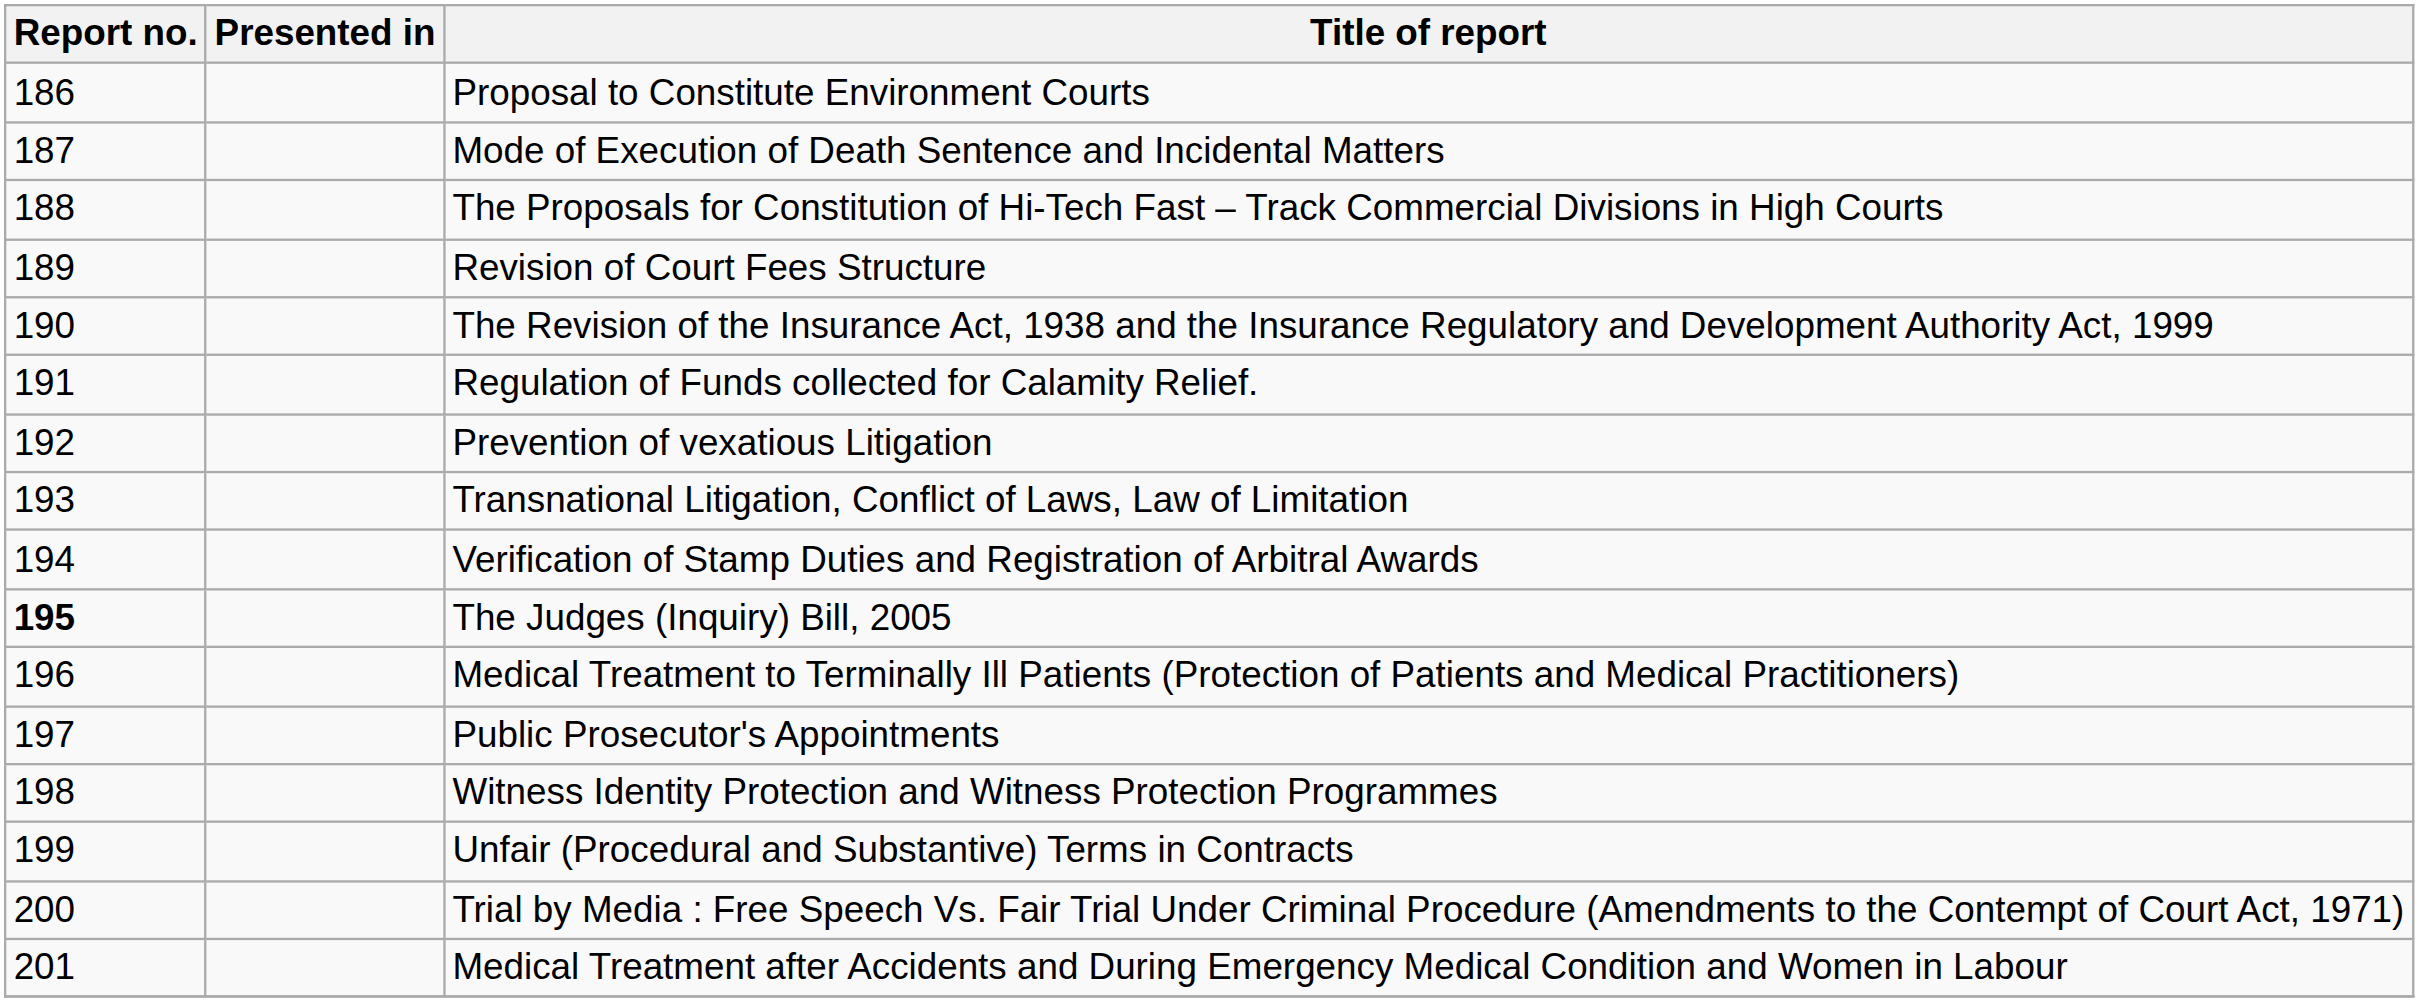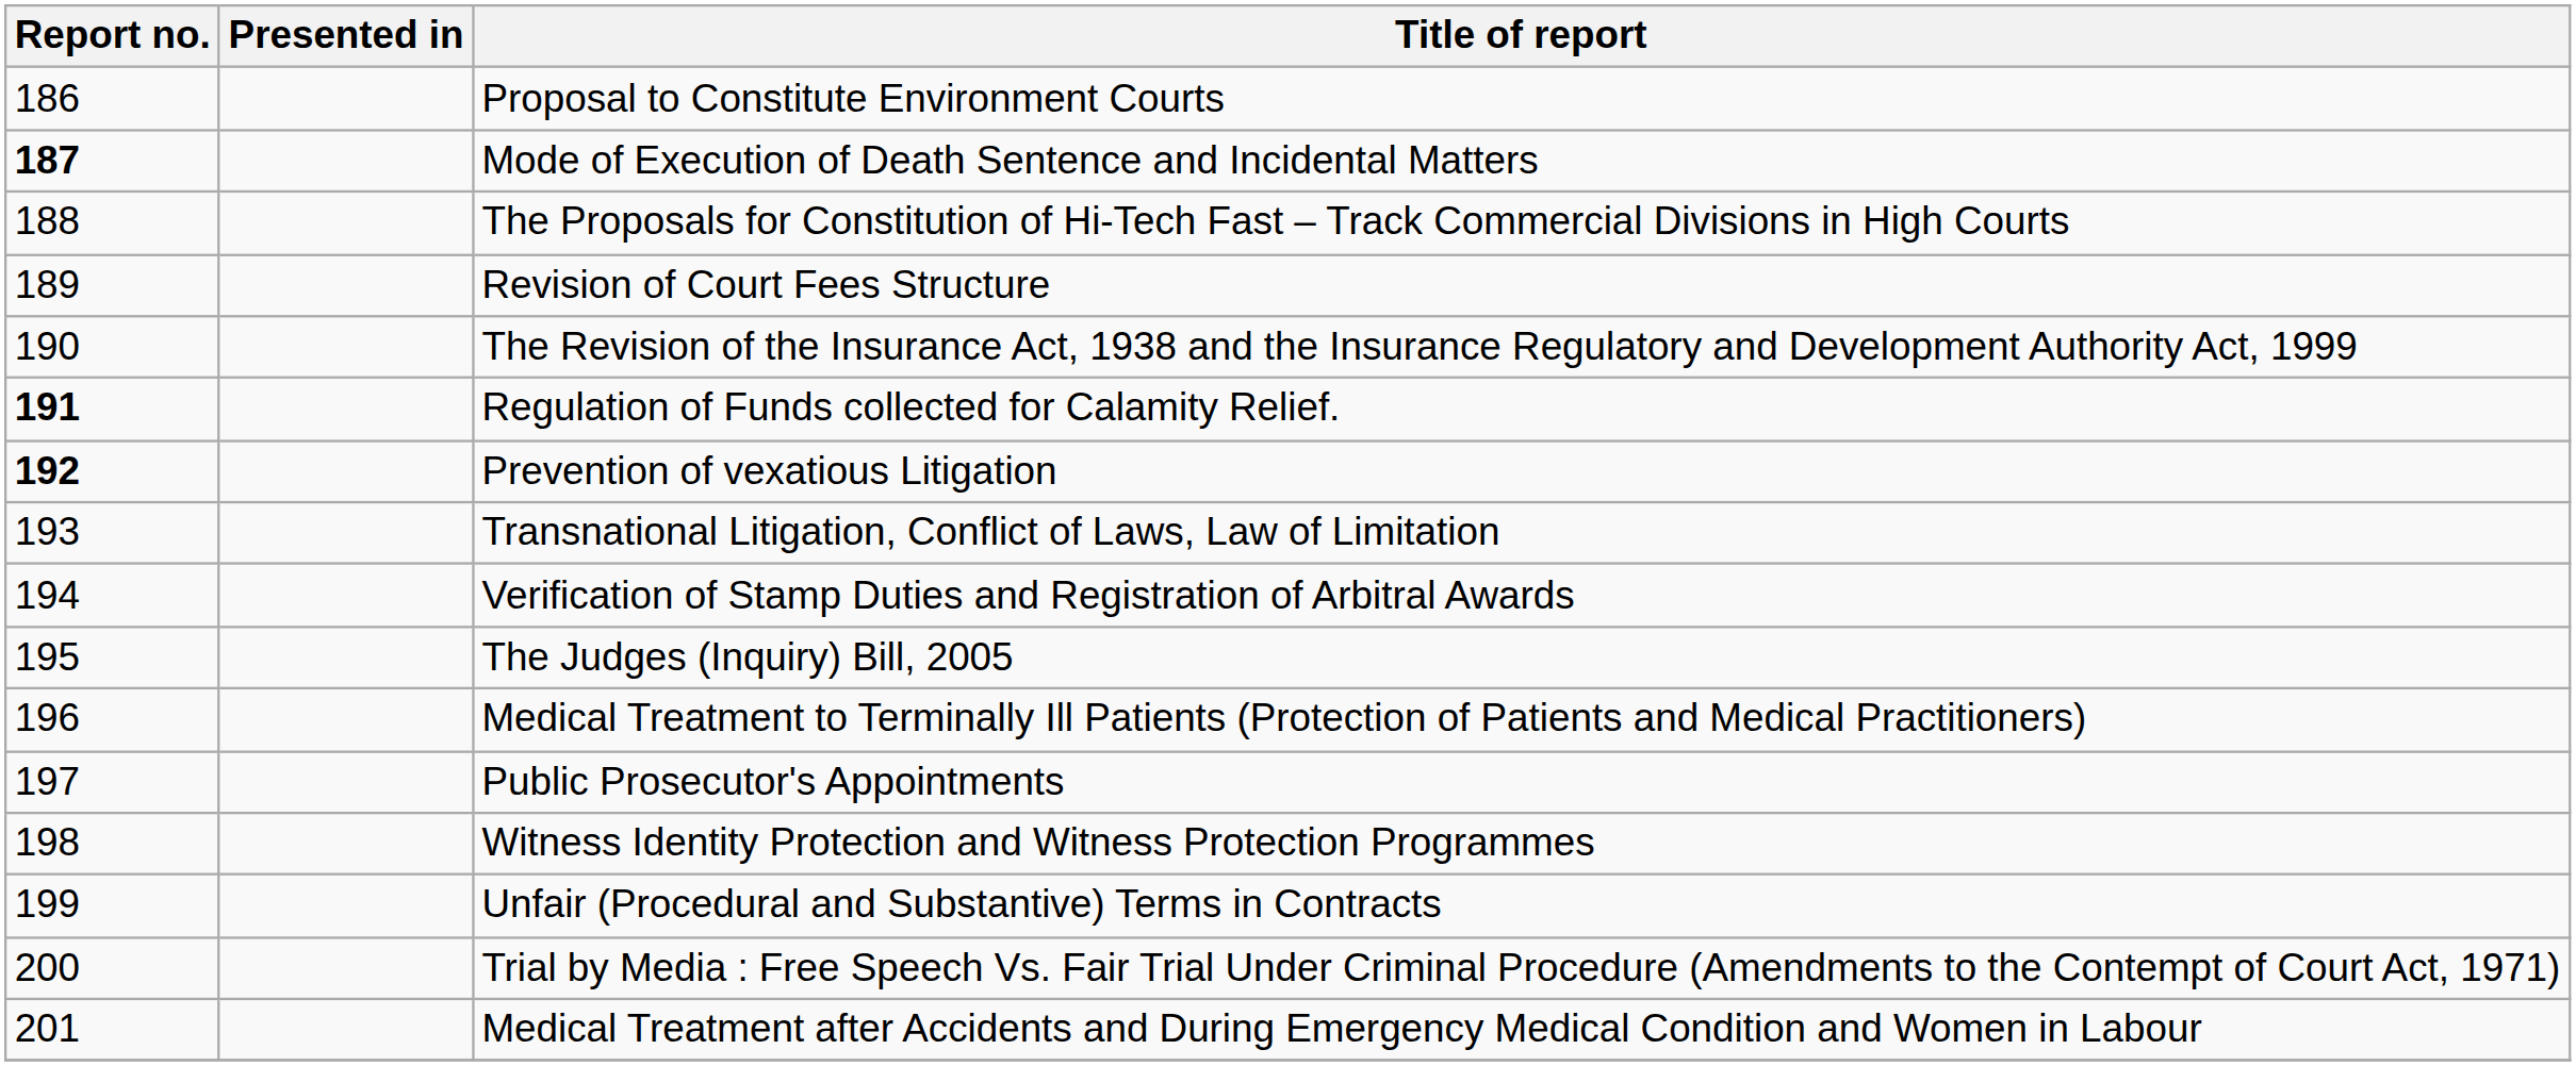 <table class="wikitable">
 <tr>
 <th>Report no.</th>
 <th>Presented in</th>
 <th>Title of report</th>
 </tr>
 <tr>
 <td>186</td>
 <td></td>
 <td>Proposal to Constitute Environment Courts</td>
 </tr>
 <tr>
-<td>187</td>
+<td><strong>187</strong></td>
 <td></td>
 <td>Mode of Execution of Death Sentence and Incidental Matters</td>
 </tr>
 <tr>
 <td>188</td>
 <td></td>
 <td>The Proposals for Constitution of Hi-Tech Fast – Track Commercial Divisions in High Courts</td>
 </tr>
 <tr>
 <td>189</td>
 <td></td>
 <td>Revision of Court Fees Structure</td>
 </tr>
 <tr>
 <td>190</td>
 <td></td>
 <td>The Revision of the Insurance Act, 1938 and the Insurance Regulatory and Development Authority Act, 1999</td>
 </tr>
 <tr>
-<td>191</td>
+<td><strong>191</strong></td>
 <td></td>
 <td>Regulation of Funds collected for Calamity Relief.</td>
 </tr>
 <tr>
-<td>192</td>
+<td><strong>192</strong></td>
 <td></td>
 <td>Prevention of vexatious Litigation</td>
 </tr>
 <tr>
 <td>193</td>
 <td></td>
 <td>Transnational Litigation, Conflict of Laws, Law of Limitation</td>
 </tr>
 <tr>
 <td>194</td>
 <td></td>
 <td>Verification of Stamp Duties and Registration of Arbitral Awards</td>
 </tr>
 <tr>
-<td><strong>195</strong></td>
+<td>195</td>
 <td></td>
 <td>The Judges (Inquiry) Bill, 2005</td>
 </tr>
 <tr>
 <td>196</td>
 <td></td>
 <td>Medical Treatment to Terminally Ill Patients (Protection of Patients and Medical Practitioners)</td>
 </tr>
 <tr>
 <td>197</td>
 <td></td>
 <td>Public Prosecutor's Appointments</td>
 </tr>
 <tr>
 <td>198</td>
 <td></td>
 <td>Witness Identity Protection and Witness Protection Programmes</td>
 </tr>
 <tr>
 <td>199</td>
 <td></td>
 <td>Unfair (Procedural and Substantive) Terms in Contracts</td>
 </tr>
 <tr>
 <td>200</td>
 <td></td>
 <td>Trial by Media : Free Speech Vs. Fair Trial Under Criminal Procedure (Amendments to the Contempt of Court Act, 1971)</td>
 </tr>
 <tr>
 <td>201</td>
 <td></td>
 <td>Medical Treatment after Accidents and During Emergency Medical Condition and Women in Labour</td>
 </tr>
 <tr>
 </tr>
 </table>
